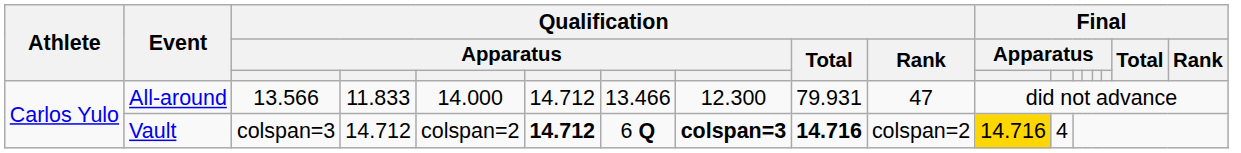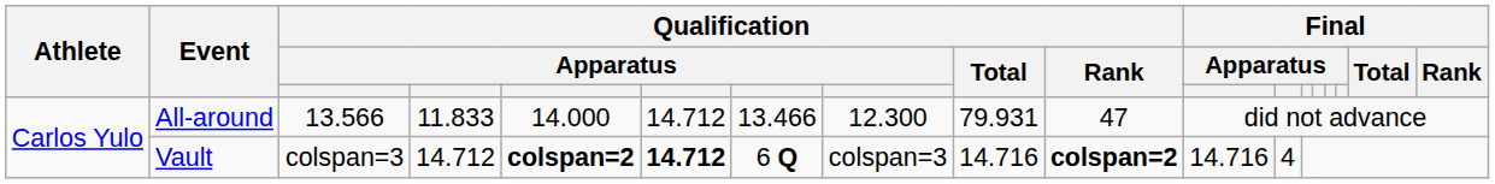 <table class="wikitable" style="font-size:90%">
 <tr>
 <th rowspan=3>Athlete</th>
 <th rowspan=3>Event</th>
 <th colspan =8>Qualification</th>
 <th colspan =8>Final</th>
 </tr>
 <tr style="font-size:95%">
 <th colspan=6>Apparatus</th>
 <th rowspan=2>Total</th>
 <th rowspan=2>Rank</th>
 <th colspan=6>Apparatus</th>
 <th rowspan=2>Total</th>
 <th rowspan=2>Rank</th>
 </tr>
 <tr style="font-size:95%">
 <th></th>
 <th></th>
 <th></th>
 <th></th>
 <th></th>
 <th></th>
 <th></th>
 <th></th>
 <th></th>
 <th></th>
 <th></th>
 <th></th>
 </tr>
 <tr align=center>
 <td align=left rowspan=2><a href='#'>Carlos Yulo</a></td>
 <td align=left><a href='#'>All-around</a></td>
 <td>13.566</td>
 <td>11.833</td>
 <td>14.000</td>
 <td>14.712</td>
 <td>13.466</td>
 <td>12.300</td>
 <td>79.931</td>
 <td>47</td>
 <td colspan=8>did not advance</td>
 </tr>
 <tr align=center>
 <td align=left><a href='#'>Vault</a></td>
 <td>colspan=3 </td>
 <td>14.712</td>
-<td>colspan=2 </td>
+<td><strong>colspan=2 </strong></td>
 <td><strong>14.712</strong></td>
 <td>6 <strong>Q</strong></td>
-<td><strong>colspan=3 </strong></td>
-<td><strong>14.716</strong></td>
-<td>colspan=2 </td>
-<td style="background: gold;">14.716</td>
+<td>colspan=3 </td>
+<td>14.716</td>
+<td><strong>colspan=2 </strong></td>
+<td>14.716</td>
 <td>4</td>
 </tr>
 </table>
